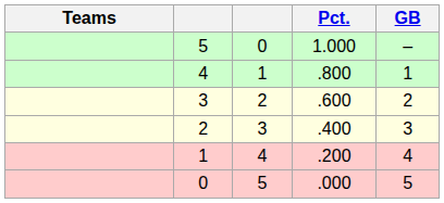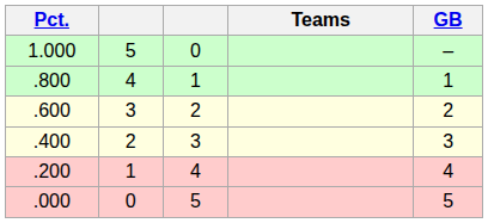 <table class="wikitable" width="400" style="text-align:center;">
 <tr>
-<th width="20%">Teams</th>
+<th width="8%"><a href='#'>Pct.</a></th>
 <th width="7%"></th>
 <th width="7%"></th>
-<th width="8%"><a href='#'>Pct.</a></th>
+<th width="20%">Teams</th>
 <th width="7%"><a href='#'>GB</a></th>
 </tr>
 <tr style="background-color:#cfc">
-<td align=left></td>
+<td>1.000</td>
 <td>5</td>
 <td>0</td>
-<td>1.000</td>
+<td align=left></td>
 <td>–</td>
 </tr>
 <tr style="background-color:#cfc">
-<td align=left></td>
+<td>.800</td>
 <td>4</td>
 <td>1</td>
-<td>.800</td>
+<td align=left></td>
 <td>1</td>
 </tr>
 <tr style="background-color:#FFFFE0">
-<td align=left></td>
+<td>.600</td>
 <td>3</td>
 <td>2</td>
-<td>.600</td>
+<td align=left></td>
 <td>2</td>
 </tr>
 <tr style="background-color:#FFFFE0">
-<td align=left></td>
+<td>.400</td>
 <td>2</td>
 <td>3</td>
-<td>.400</td>
+<td align=left></td>
 <td>3</td>
 </tr>
 <tr style="background-color:#fcc">
-<td align=left></td>
+<td>.200</td>
 <td>1</td>
 <td>4</td>
-<td>.200</td>
+<td align=left></td>
 <td>4</td>
 </tr>
 <tr style="background-color:#fcc">
-<td align=left></td>
+<td>.000</td>
 <td>0</td>
 <td>5</td>
-<td>.000</td>
+<td align=left></td>
 <td>5</td>
 </tr>
 </table>
